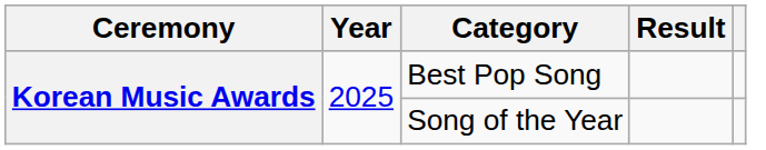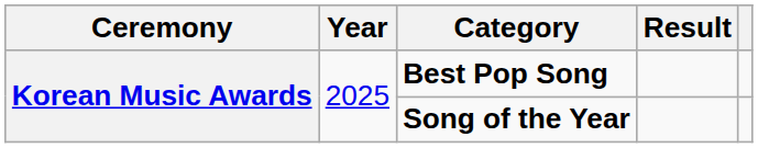 <table class="wikitable plainrowheaders sortable" style="text-align:center">
 <tr>
 <th scope="col">Ceremony</th>
 <th scope="col">Year</th>
 <th scope="col">Category</th>
 <th scope="col">Result</th>
 <th scope="col" class="unsortable"></th>
 </tr>
 <tr>
 <th scope="row" rowspan="2"><a href='#'>Korean Music Awards</a></th>
 <td rowspan="2"><a href='#'>2025</a></td>
-<td style="text-align:left">Best Pop Song</td>
+<td style="text-align:left"><strong>Best Pop Song</strong></td>
 <td></td>
 <td></td>
 </tr>
 <tr>
-<td style="text-align:left">Song of the Year</td>
+<td style="text-align:left"><strong>Song of the Year</strong></td>
 <td></td>
 <td></td>
 </tr>
 </table>
